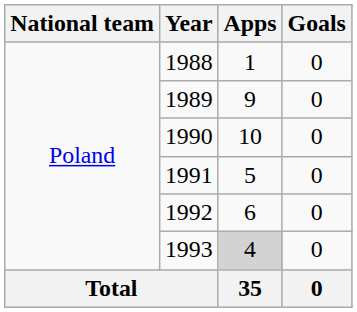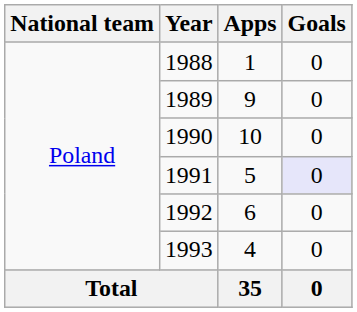 <table class="wikitable" style="text-align:center">
 <tr>
 <th>National team</th>
 <th>Year</th>
 <th>Apps</th>
 <th>Goals</th>
 </tr>
 <tr>
 <td rowspan="6"><a href='#'>Poland</a></td>
 <td>1988</td>
 <td>1</td>
 <td>0</td>
 </tr>
 <tr>
 <td>1989</td>
 <td>9</td>
 <td>0</td>
 </tr>
 <tr>
 <td>1990</td>
 <td>10</td>
 <td>0</td>
 </tr>
 <tr>
 <td>1991</td>
 <td>5</td>
-<td>0</td>
+<td style="background: lavender;">0</td>
 </tr>
 <tr>
 <td>1992</td>
 <td>6</td>
 <td>0</td>
 </tr>
 <tr>
 <td>1993</td>
-<td style="background: lightgrey;">4</td>
+<td>4</td>
 <td>0</td>
 </tr>
 <tr>
 <th colspan="2">Total</th>
 <th>35</th>
 <th>0</th>
 </tr>
 </table>
